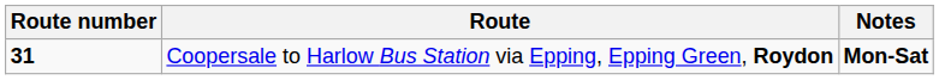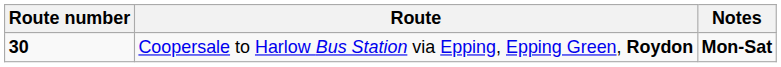 <table class="wikitable">
 <tr>
 <th>Route number</th>
 <th>Route</th>
 <th>Notes</th>
 </tr>
 <tr>
-<td><strong>31</strong> </td>
+<td><strong>30</strong> </td>
 <td><a href='#'>Coopersale</a> to <a href='#'>Harlow <em>Bus Station</em></a> via <a href='#'>Epping</a>, <a href='#'>Epping Green</a>, <strong>Roydon</strong></td>
 <td><strong>Mon-Sat</strong></td>
 </tr>
 </table>
